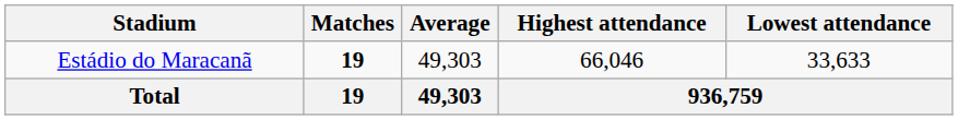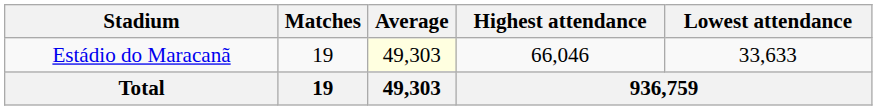 <table class="wikitable plainrowheaders sortable" style="text-align:center">
 <tr>
 <th scope="col" ! style="width:200px;">Stadium</th>
 <th scope="col" ! style="width:60px;">Matches</th>
 <th scope="col" ! style="width:60px;">Average</th>
 <th scope="col" ! style="width:150px;">Highest attendance</th>
 <th scope="col" ! style="width:150px;">Lowest attendance</th>
 </tr>
 <tr>
 <td><a href='#'>Estádio do Maracanã</a></td>
-<td><strong>19</strong></td>
-<td>49,303</td>
+<td>19</td>
+<td style="background: lightyellow;">49,303</td>
 <td>66,046</td>
 <td>33,633</td>
 </tr>
 <tr>
 <th>Total</th>
 <th>19</th>
 <th>49,303</th>
 <th colspan="3">936,759</th>
 </tr>
 </table>
